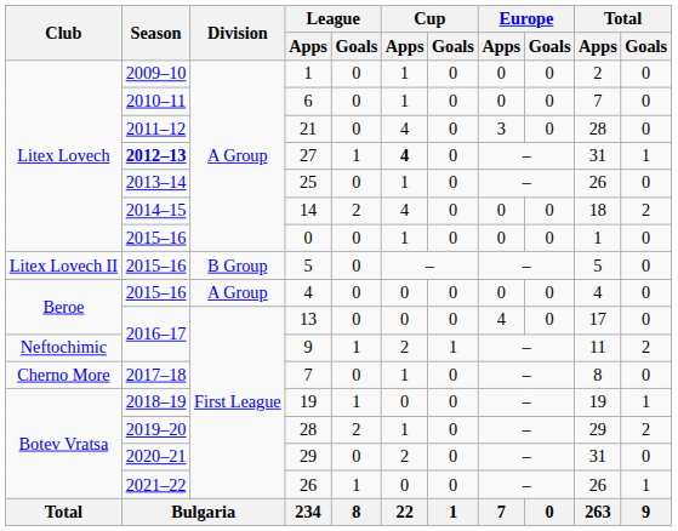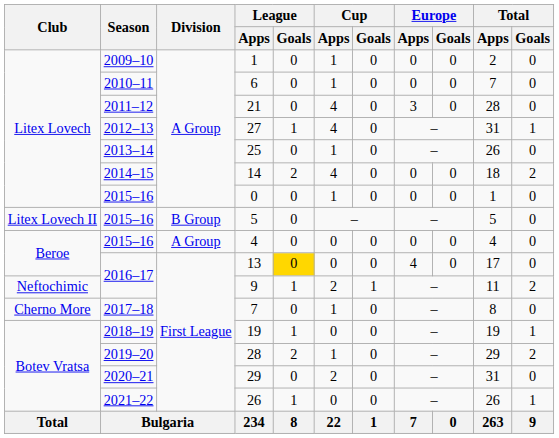 <table class="wikitable" style="text-align: center;">
 <tr>
 <th rowspan="2">Club</th>
 <th rowspan="2">Season</th>
 <th rowspan="2">Division</th>
 <th colspan="2">League</th>
 <th colspan="2">Cup</th>
 <th colspan="2"><a href='#'>Europe</a></th>
 <th colspan="2">Total</th>
 </tr>
 <tr>
 <th>Apps</th>
 <th>Goals</th>
 <th>Apps</th>
 <th>Goals</th>
 <th>Apps</th>
 <th>Goals</th>
 <th>Apps</th>
 <th>Goals</th>
 </tr>
 <tr>
 <td rowspan="7"><a href='#'>Litex Lovech</a></td>
 <td><a href='#'>2009–10</a></td>
 <td rowspan="7"><a href='#'>A Group</a></td>
 <td>1</td>
 <td>0</td>
 <td>1</td>
 <td>0</td>
 <td>0</td>
 <td>0</td>
 <td>2</td>
 <td>0</td>
 </tr>
 <tr>
 <td><a href='#'>2010–11</a></td>
 <td>6</td>
 <td>0</td>
 <td>1</td>
 <td>0</td>
 <td>0</td>
 <td>0</td>
 <td>7</td>
 <td>0</td>
 </tr>
 <tr>
 <td><a href='#'>2011–12</a></td>
 <td>21</td>
 <td>0</td>
 <td>4</td>
 <td>0</td>
 <td>3</td>
 <td>0</td>
 <td>28</td>
 <td>0</td>
 </tr>
 <tr>
-<td><strong><a href='#'>2012–13</a></strong></td>
+<td><a href='#'>2012–13</a></td>
 <td>27</td>
 <td>1</td>
-<td><strong>4</strong></td>
+<td>4</td>
 <td>0</td>
 <td colspan="2">–</td>
 <td>31</td>
 <td>1</td>
 </tr>
 <tr>
 <td><a href='#'>2013–14</a></td>
 <td>25</td>
 <td>0</td>
 <td>1</td>
 <td>0</td>
 <td colspan="2">–</td>
 <td>26</td>
 <td>0</td>
 </tr>
 <tr>
 <td><a href='#'>2014–15</a></td>
 <td>14</td>
 <td>2</td>
 <td>4</td>
 <td>0</td>
 <td>0</td>
 <td>0</td>
 <td>18</td>
 <td>2</td>
 </tr>
 <tr>
 <td><a href='#'>2015–16</a></td>
 <td>0</td>
 <td>0</td>
 <td>1</td>
 <td>0</td>
 <td>0</td>
 <td>0</td>
 <td>1</td>
 <td>0</td>
 </tr>
 <tr>
 <td rowspan="1"><a href='#'>Litex Lovech II</a></td>
 <td><a href='#'>2015–16</a></td>
 <td rowspan="1"><a href='#'>B Group</a></td>
 <td>5</td>
 <td>0</td>
 <td colspan="2">–</td>
 <td colspan="2">–</td>
 <td>5</td>
 <td>0</td>
 </tr>
 <tr>
 <td rowspan="2"><a href='#'>Beroe</a></td>
 <td><a href='#'>2015–16</a></td>
 <td rowspan="1"><a href='#'>A Group</a></td>
 <td>4</td>
 <td>0</td>
 <td>0</td>
 <td>0</td>
 <td>0</td>
 <td>0</td>
 <td>4</td>
 <td>0</td>
 </tr>
 <tr>
 <td rowspan="2"><a href='#'>2016–17</a></td>
 <td rowspan="7"><a href='#'>First League</a></td>
 <td>13</td>
-<td>0</td>
+<td style="background: gold;">0</td>
 <td>0</td>
 <td>0</td>
 <td>4</td>
 <td>0</td>
 <td>17</td>
 <td>0</td>
 </tr>
 <tr>
 <td rowspan="1"><a href='#'>Neftochimic</a></td>
 <td>9</td>
 <td>1</td>
 <td>2</td>
 <td>1</td>
 <td colspan="2">–</td>
 <td>11</td>
 <td>2</td>
 </tr>
 <tr>
 <td rowspan="1"><a href='#'>Cherno More</a></td>
 <td><a href='#'>2017–18</a></td>
 <td>7</td>
 <td>0</td>
 <td>1</td>
 <td>0</td>
 <td colspan="2">–</td>
 <td>8</td>
 <td>0</td>
 </tr>
 <tr>
 <td rowspan="4"><a href='#'>Botev Vratsa</a></td>
 <td><a href='#'>2018–19</a></td>
 <td>19</td>
 <td>1</td>
 <td>0</td>
 <td>0</td>
 <td colspan="2">–</td>
 <td>19</td>
 <td>1</td>
 </tr>
 <tr>
 <td><a href='#'>2019–20</a></td>
 <td>28</td>
 <td>2</td>
 <td>1</td>
 <td>0</td>
 <td colspan="2">–</td>
 <td>29</td>
 <td>2</td>
 </tr>
 <tr>
 <td><a href='#'>2020–21</a></td>
 <td>29</td>
 <td>0</td>
 <td>2</td>
 <td>0</td>
 <td colspan="2">–</td>
 <td>31</td>
 <td>0</td>
 </tr>
 <tr>
 <td><a href='#'>2021–22</a></td>
 <td>26</td>
 <td>1</td>
 <td>0</td>
 <td>0</td>
 <td colspan="2">–</td>
 <td>26</td>
 <td>1</td>
 </tr>
 <tr>
 <th rowspan=1>Total</th>
 <th colspan=2>Bulgaria</th>
 <th>234</th>
 <th>8</th>
 <th>22</th>
 <th>1</th>
 <th>7</th>
 <th>0</th>
 <th>263</th>
 <th>9</th>
 </tr>
 </table>
